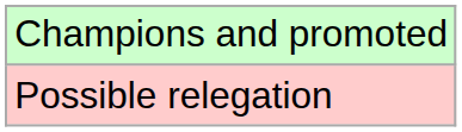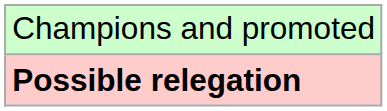 <table class="wikitable">
 <tr style="width:10px;background:#cfc">
 <td>Champions and promoted</td>
 </tr>
 <tr style="width:10px;background:#fcc">
-<td>Possible relegation</td>
+<td><strong>Possible relegation</strong></td>
 </tr>
 </table>
